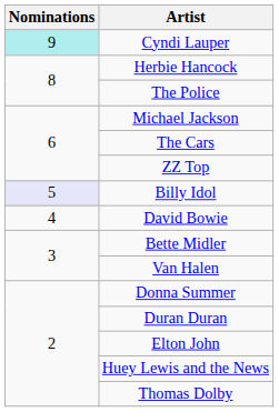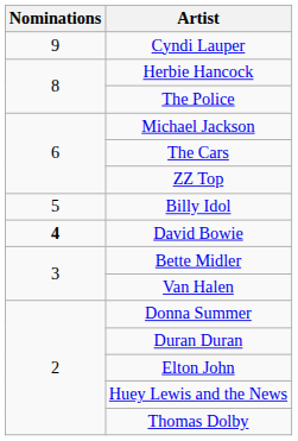 <table class="wikitable" rowspan="2" style="text-align:center">
 <tr>
 <th scope="col" style="width:55px;">Nominations</th>
 <th scope="col" style="text-align:center;">Artist</th>
 </tr>
 <tr>
-<td style="background: paleturquoise; text-align:center">9</td>
+<td style="text-align:center">9</td>
 <td><a href='#'>Cyndi Lauper</a></td>
 </tr>
 <tr>
 <td rowspan="2" style="text-align:center">8</td>
 <td><a href='#'>Herbie Hancock</a></td>
 </tr>
 <tr>
 <td><a href='#'>The Police</a></td>
 </tr>
 <tr>
 <td rowspan="3" style="text-align:center">6</td>
 <td><a href='#'>Michael Jackson</a></td>
 </tr>
 <tr>
 <td><a href='#'>The Cars</a></td>
 </tr>
 <tr>
 <td><a href='#'>ZZ Top</a></td>
 </tr>
 <tr>
-<td rowspan="1" style="background: lavender; text-align:center">5</td>
+<td rowspan="1" style="text-align:center">5</td>
 <td><a href='#'>Billy Idol</a></td>
 </tr>
 <tr>
-<td rowspan="1" style="text-align:center">4</td>
+<td rowspan="1" style="text-align:center"><strong>4</strong></td>
 <td><a href='#'>David Bowie</a></td>
 </tr>
 <tr>
 <td rowspan="2" style="text-align:center">3</td>
 <td><a href='#'>Bette Midler</a></td>
 </tr>
 <tr>
 <td><a href='#'>Van Halen</a></td>
 </tr>
 <tr>
 <td rowspan="5" style="text-align:center">2</td>
 <td><a href='#'>Donna Summer</a></td>
 </tr>
 <tr>
 <td><a href='#'>Duran Duran</a></td>
 </tr>
 <tr>
 <td><a href='#'>Elton John</a></td>
 </tr>
 <tr>
 <td><a href='#'>Huey Lewis and the News</a></td>
 </tr>
 <tr>
 <td><a href='#'>Thomas Dolby</a></td>
 </tr>
 </table>
